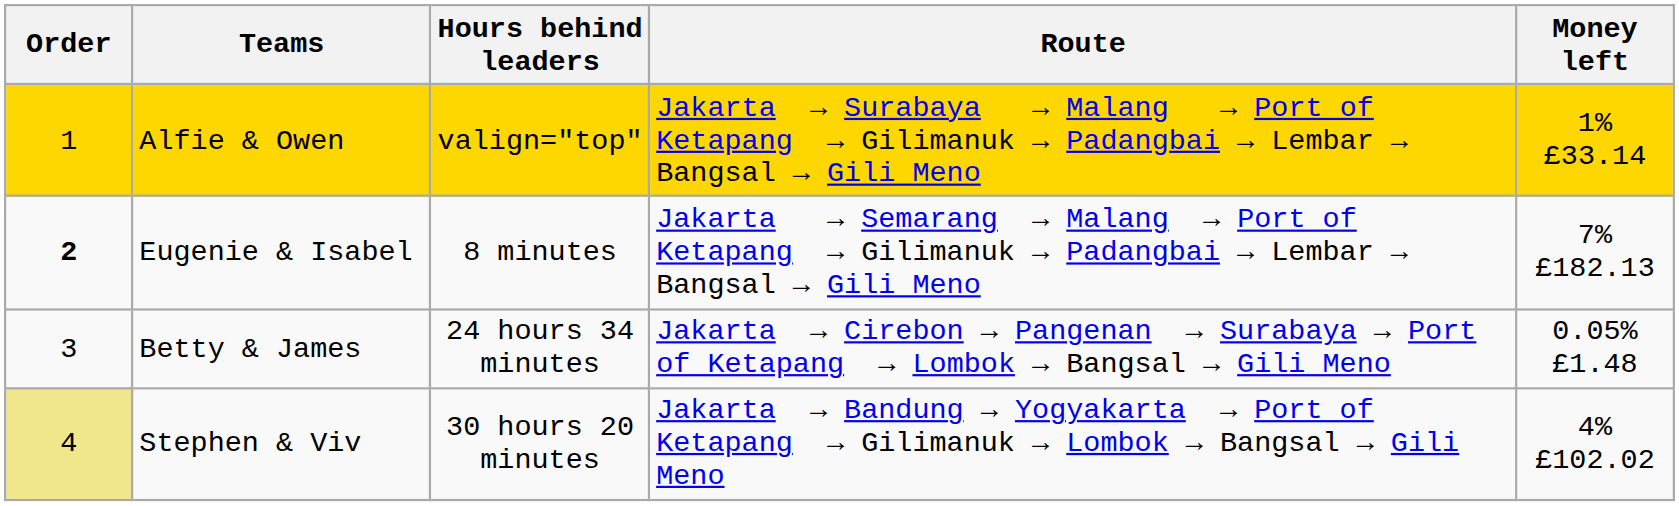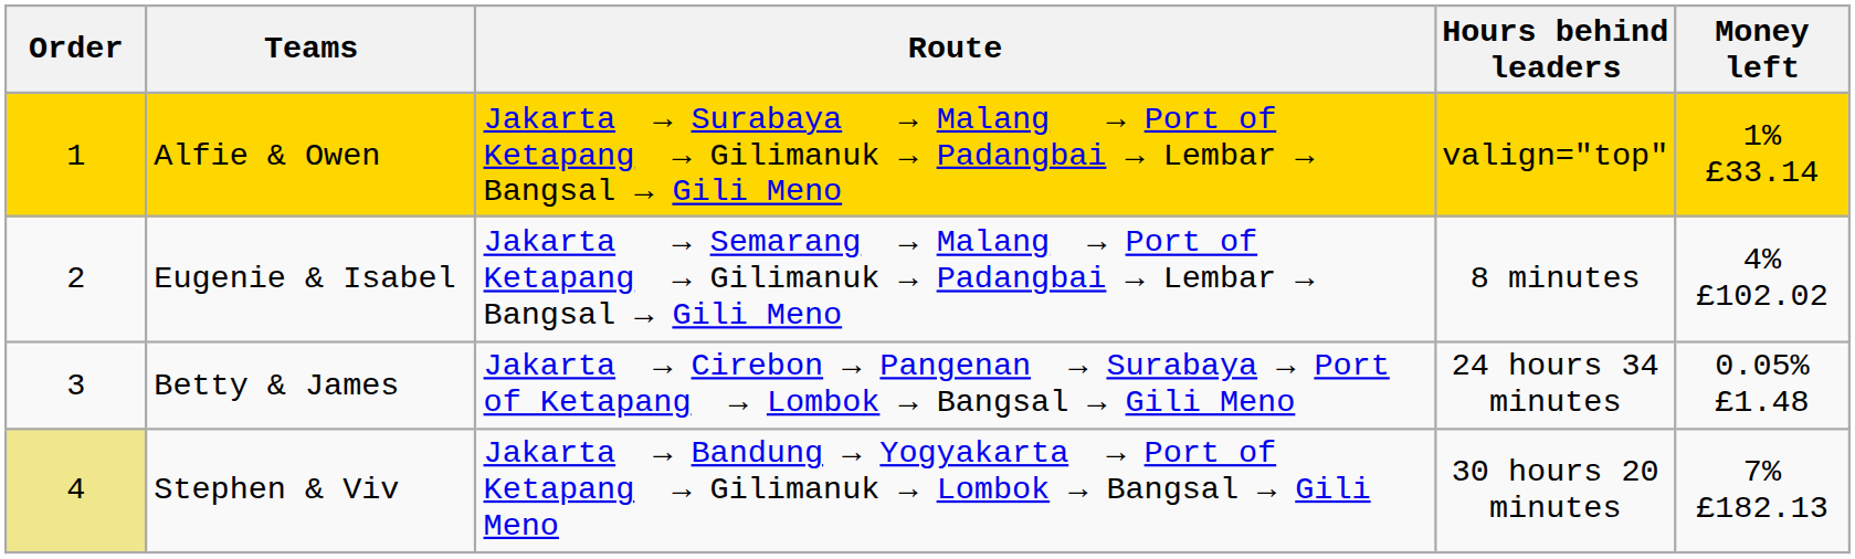 <table class="wikitable sortable" style="text-align:center">
 <tr>
 <th style="width:4em">Order</th>
 <th style="width:10em">Teams</th>
+<th style="width:30em">Route</th>
 <th style="width:5em">Hours behind leaders</th>
-<th style="width:30em">Route</th>
 <th style="width:5em">Money left</th>
 </tr>
 <tr style=background:gold>
 <td>1</td>
 <td style="text-align:left">Alfie & Owen</td>
+<td style="text-align:left"><a href='#'>Jakarta</a>  → <a href='#'>Surabaya</a>    → <a href='#'>Malang</a>   → <a href='#'>Port of Ketapang</a>  → Gilimanuk  → <a href='#'>Padangbai</a>  → Lembar  → Bangsal  → <a href='#'>Gili Meno</a></td>
 <td>valign="top" </td>
-<td style="text-align:left"><a href='#'>Jakarta</a>  → <a href='#'>Surabaya</a>    → <a href='#'>Malang</a>   → <a href='#'>Port of Ketapang</a>  → Gilimanuk  → <a href='#'>Padangbai</a>  → Lembar  → Bangsal  → <a href='#'>Gili Meno</a></td>
 <td>1%  £33.14</td>
 </tr>
 <tr>
-<td><strong>2</strong></td>
+<td>2</td>
 <td style="text-align:left">Eugenie & Isabel</td>
+<td style="text-align:left"><a href='#'>Jakarta</a>   → <a href='#'>Semarang</a>   → <a href='#'>Malang</a>   → <a href='#'>Port of Ketapang</a>  → Gilimanuk   → <a href='#'>Padangbai</a>  → Lembar  → Bangsal  → <a href='#'>Gili Meno</a></td>
 <td>8 minutes</td>
-<td style="text-align:left"><a href='#'>Jakarta</a>   → <a href='#'>Semarang</a>   → <a href='#'>Malang</a>   → <a href='#'>Port of Ketapang</a>  → Gilimanuk   → <a href='#'>Padangbai</a>  → Lembar  → Bangsal  → <a href='#'>Gili Meno</a></td>
-<td>7% £182.13</td>
+<td>4% £102.02</td>
 </tr>
 <tr>
 <td>3</td>
 <td style="text-align:left">Betty & James</td>
+<td style="text-align:left"><a href='#'>Jakarta</a>  → <a href='#'>Cirebon</a>  → <a href='#'>Pangenan</a>  → <a href='#'>Surabaya</a>   → <a href='#'>Port of Ketapang</a>  →  <a href='#'>Lombok</a> → Bangsal  → <a href='#'>Gili Meno</a></td>
 <td>24 hours 34 minutes</td>
-<td style="text-align:left"><a href='#'>Jakarta</a>  → <a href='#'>Cirebon</a>  → <a href='#'>Pangenan</a>  → <a href='#'>Surabaya</a>   → <a href='#'>Port of Ketapang</a>  →  <a href='#'>Lombok</a> → Bangsal  → <a href='#'>Gili Meno</a></td>
 <td>0.05% £1.48</td>
 </tr>
 <tr>
 <td style="background: khaki;">4</td>
 <td style="text-align:left">Stephen & Viv</td>
+<td style="text-align:left"><a href='#'>Jakarta</a>   → <a href='#'>Bandung</a>     → <a href='#'>Yogyakarta</a>  → <a href='#'>Port of Ketapang</a>  → Gilimanuk   → <a href='#'>Lombok</a> → Bangsal  → <a href='#'>Gili Meno</a></td>
 <td>30 hours 20 minutes</td>
-<td style="text-align:left"><a href='#'>Jakarta</a>   → <a href='#'>Bandung</a>     → <a href='#'>Yogyakarta</a>  → <a href='#'>Port of Ketapang</a>  → Gilimanuk   → <a href='#'>Lombok</a> → Bangsal  → <a href='#'>Gili Meno</a></td>
-<td>4% £102.02</td>
+<td>7% £182.13</td>
 </tr>
 </table>
